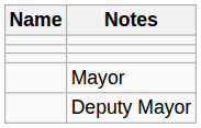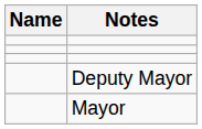 <table class="wikitable sortable">
 <tr>
 <th>Name</th>
 <th>Notes</th>
 </tr>
 <tr>
 <td></td>
 <td></td>
 </tr>
 <tr>
 <td></td>
 <td></td>
 </tr>
 <tr>
 <td></td>
 <td></td>
 </tr>
 <tr>
 <td></td>
-<td>Mayor</td>
+<td>Deputy Mayor</td>
 </tr>
 <tr>
 <td></td>
-<td>Deputy Mayor</td>
+<td>Mayor</td>
 </tr>
 </table>
